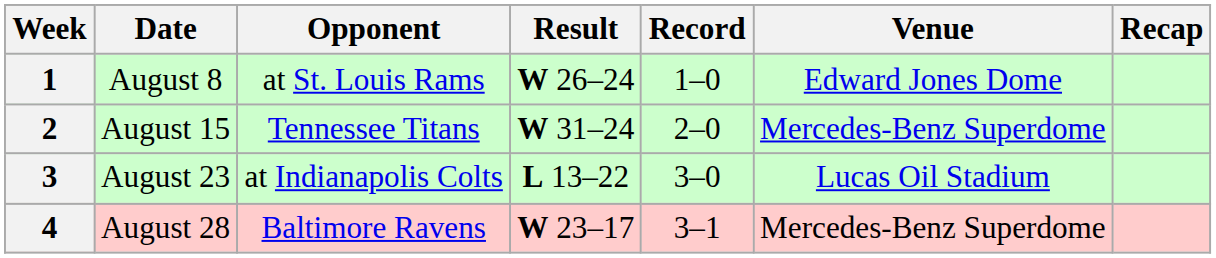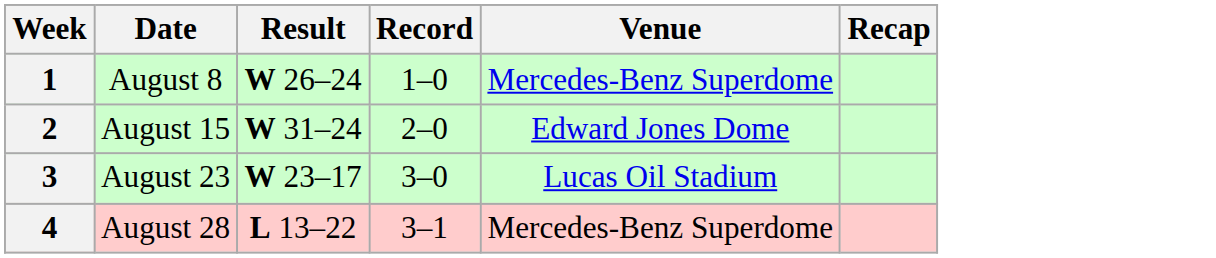 <table class="wikitable" style="text-align:center">
 <tr>
 <th>Week</th>
 <th>Date</th>
-<th>Opponent</th>
 <th>Result</th>
 <th>Record</th>
 <th>Venue</th>
 <th>Recap</th>
 </tr>
 <tr style="background:#cfc; text-align:center;">
 <th>1</th>
 <td>August 8</td>
-<td>at <a href='#'>St. Louis Rams</a></td>
 <td><strong>W</strong> 26–24</td>
 <td>1–0</td>
-<td><a href='#'>Edward Jones Dome</a></td>
+<td><a href='#'>Mercedes-Benz Superdome</a></td>
 <td></td>
 </tr>
 <tr style="background:#cfc; text-align:center;">
 <th>2</th>
 <td>August 15</td>
-<td><a href='#'>Tennessee Titans</a></td>
 <td><strong>W</strong> 31–24</td>
 <td>2–0</td>
-<td><a href='#'>Mercedes-Benz Superdome</a></td>
+<td><a href='#'>Edward Jones Dome</a></td>
 <td></td>
 </tr>
 <tr style="background:#cfc; text-align:center;">
 <th>3</th>
 <td>August 23</td>
-<td>at <a href='#'>Indianapolis Colts</a></td>
-<td><strong>L</strong> 13–22</td>
+<td><strong>W</strong> 23–17</td>
 <td>3–0</td>
 <td><a href='#'>Lucas Oil Stadium</a></td>
 <td></td>
 </tr>
 <tr style="background:#fcc; text-align:center;">
 <th>4</th>
 <td>August 28</td>
-<td><a href='#'>Baltimore Ravens</a></td>
-<td><strong>W</strong> 23–17</td>
+<td><strong>L</strong> 13–22</td>
 <td>3–1</td>
 <td>Mercedes-Benz Superdome</td>
 <td></td>
 </tr>
 </table>
